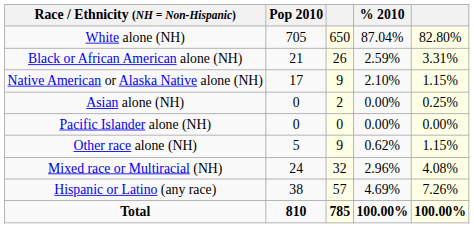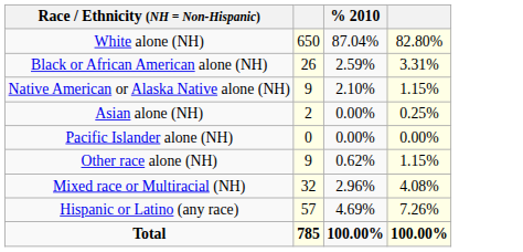 <table class="wikitable" style="text-align:center;">
 <tr>
 <th>Race / Ethnicity <small>(<em>NH = Non-Hispanic</em>)</small></th>
-<th>Pop 2010</th>
 <th></th>
 <th>% 2010</th>
 <th></th>
 </tr>
 <tr>
 <td><a href='#'>White</a> alone (NH)</td>
-<td>705</td>
 <td style='background: #ffffe6;'>650</td>
 <td>87.04%</td>
 <td style='background: #ffffe6;'>82.80%</td>
 </tr>
 <tr>
 <td><a href='#'>Black or African American</a> alone (NH)</td>
-<td>21</td>
 <td style='background: #ffffe6;'>26</td>
 <td>2.59%</td>
 <td style='background: #ffffe6;'>3.31%</td>
 </tr>
 <tr>
 <td><a href='#'>Native American</a> or <a href='#'>Alaska Native</a> alone (NH)</td>
-<td>17</td>
 <td style='background: #ffffe6;'>9</td>
 <td>2.10%</td>
 <td style='background: #ffffe6;'>1.15%</td>
 </tr>
 <tr>
 <td><a href='#'>Asian</a> alone (NH)</td>
-<td>0</td>
 <td style='background: #ffffe6;'>2</td>
 <td>0.00%</td>
 <td style='background: #ffffe6;'>0.25%</td>
 </tr>
 <tr>
 <td><a href='#'>Pacific Islander</a> alone (NH)</td>
-<td>0</td>
 <td style='background: #ffffe6;'>0</td>
 <td>0.00%</td>
 <td style='background: #ffffe6;'>0.00%</td>
 </tr>
 <tr>
 <td><a href='#'>Other race</a> alone (NH)</td>
-<td>5</td>
 <td style='background: #ffffe6;'>9</td>
 <td>0.62%</td>
 <td style='background: #ffffe6;'>1.15%</td>
 </tr>
 <tr>
 <td><a href='#'>Mixed race or Multiracial</a> (NH)</td>
-<td>24</td>
 <td style='background: #ffffe6;'>32</td>
 <td>2.96%</td>
 <td style='background: #ffffe6;'>4.08%</td>
 </tr>
 <tr>
 <td><a href='#'>Hispanic or Latino</a> (any race)</td>
-<td>38</td>
 <td style='background: #ffffe6;'>57</td>
 <td>4.69%</td>
 <td style='background: #ffffe6;'>7.26%</td>
 </tr>
 <tr>
 <td><strong>Total</strong></td>
-<td><strong>810</strong></td>
 <td style='background: #ffffe6;'><strong>785</strong></td>
 <td><strong>100.00%</strong></td>
 <td style='background: #ffffe6;'><strong>100.00%</strong></td>
 </tr>
 </table>
